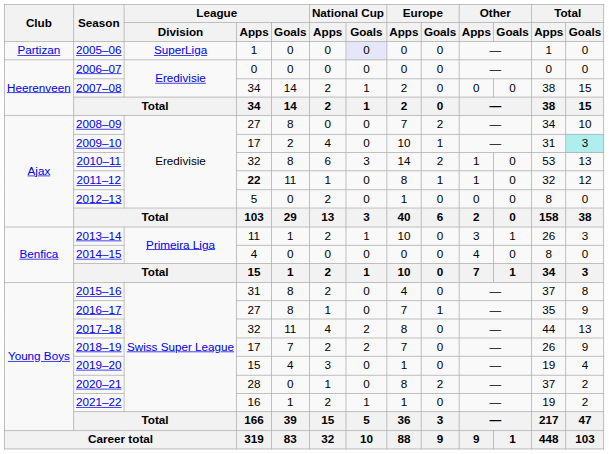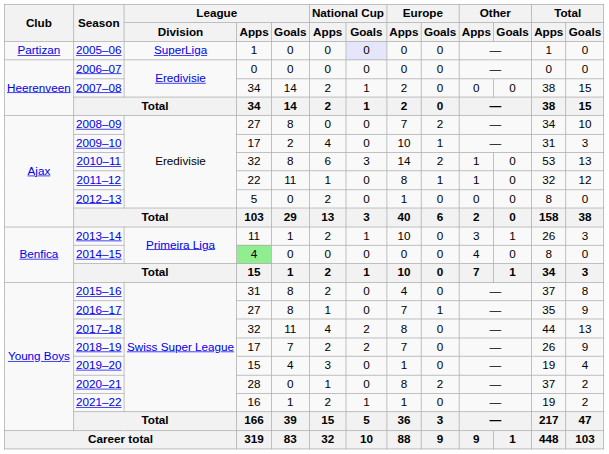 <table class="wikitable" style="text-align:center">
 <tr>
 <th rowspan="2">Club</th>
 <th rowspan="2">Season</th>
 <th colspan="3">League</th>
 <th colspan="2">National Cup</th>
 <th colspan="2">Europe</th>
 <th colspan="2">Other</th>
 <th colspan="2">Total</th>
 </tr>
 <tr>
 <th>Division</th>
 <th>Apps</th>
 <th>Goals</th>
 <th>Apps</th>
 <th>Goals</th>
 <th>Apps</th>
 <th>Goals</th>
 <th>Apps</th>
 <th>Goals</th>
 <th>Apps</th>
 <th>Goals</th>
 </tr>
 <tr>
 <td><a href='#'>Partizan</a></td>
 <td><a href='#'>2005–06</a></td>
 <td><a href='#'>SuperLiga</a></td>
 <td>1</td>
 <td>0</td>
 <td>0</td>
 <td style="background: lavender;">0</td>
 <td>0</td>
 <td>0</td>
 <td colspan="2">—</td>
 <td>1</td>
 <td>0</td>
 </tr>
 <tr>
 <td rowspan="3"><a href='#'>Heerenveen</a></td>
 <td><a href='#'>2006–07</a></td>
 <td rowspan="2"><a href='#'>Eredivisie</a></td>
 <td>0</td>
 <td>0</td>
 <td>0</td>
 <td>0</td>
 <td>0</td>
 <td>0</td>
 <td colspan="2">—</td>
 <td>0</td>
 <td>0</td>
 </tr>
 <tr>
 <td><a href='#'>2007–08</a></td>
 <td>34</td>
 <td>14</td>
 <td>2</td>
 <td>1</td>
 <td>2</td>
 <td>0</td>
 <td>0</td>
 <td>0</td>
 <td>38</td>
 <td>15</td>
 </tr>
 <tr>
 <th colspan="2">Total</th>
 <th>34</th>
 <th>14</th>
 <th>2</th>
 <th>1</th>
 <th>2</th>
 <th>0</th>
 <th colspan="2">—</th>
 <th>38</th>
 <th>15</th>
 </tr>
 <tr>
 <td rowspan="6"><a href='#'>Ajax</a></td>
 <td><a href='#'>2008–09</a></td>
 <td rowspan="5">Eredivisie</td>
 <td>27</td>
 <td>8</td>
 <td>0</td>
 <td>0</td>
 <td>7</td>
 <td>2</td>
 <td colspan="2">—</td>
 <td>34</td>
 <td>10</td>
 </tr>
 <tr>
 <td><a href='#'>2009–10</a></td>
 <td>17</td>
 <td>2</td>
 <td>4</td>
 <td>0</td>
 <td>10</td>
 <td>1</td>
 <td colspan="2">—</td>
 <td>31</td>
-<td style="background: paleturquoise;">3</td>
+<td>3</td>
 </tr>
 <tr>
 <td><a href='#'>2010–11</a></td>
 <td>32</td>
 <td>8</td>
 <td>6</td>
 <td>3</td>
 <td>14</td>
 <td>2</td>
 <td>1</td>
 <td>0</td>
 <td>53</td>
 <td>13</td>
 </tr>
 <tr>
 <td><a href='#'>2011–12</a></td>
-<td><strong>22</strong></td>
+<td>22</td>
 <td>11</td>
 <td>1</td>
 <td>0</td>
 <td>8</td>
 <td>1</td>
 <td>1</td>
 <td>0</td>
 <td>32</td>
 <td>12</td>
 </tr>
 <tr>
 <td><a href='#'>2012–13</a></td>
 <td>5</td>
 <td>0</td>
 <td>2</td>
 <td>0</td>
 <td>1</td>
 <td>0</td>
 <td>0</td>
 <td>0</td>
 <td>8</td>
 <td>0</td>
 </tr>
 <tr>
 <th colspan="2">Total</th>
 <th>103</th>
 <th>29</th>
 <th>13</th>
 <th>3</th>
 <th>40</th>
 <th>6</th>
 <th>2</th>
 <th>0</th>
 <th>158</th>
 <th>38</th>
 </tr>
 <tr>
 <td rowspan="3"><a href='#'>Benfica</a></td>
 <td><a href='#'>2013–14</a></td>
 <td rowspan="2"><a href='#'>Primeira Liga</a></td>
 <td>11</td>
 <td>1</td>
 <td>2</td>
 <td>1</td>
 <td>10</td>
 <td>0</td>
 <td>3</td>
 <td>1</td>
 <td>26</td>
 <td>3</td>
 </tr>
 <tr>
 <td><a href='#'>2014–15</a></td>
-<td>4</td>
+<td style="background: lightgreen;">4</td>
 <td>0</td>
 <td>0</td>
 <td>0</td>
 <td>0</td>
 <td>0</td>
 <td>4</td>
 <td>0</td>
 <td>8</td>
 <td>0</td>
 </tr>
 <tr>
 <th colspan="2">Total</th>
 <th>15</th>
 <th>1</th>
 <th>2</th>
 <th>1</th>
 <th>10</th>
 <th>0</th>
 <th>7</th>
 <th>1</th>
 <th>34</th>
 <th>3</th>
 </tr>
 <tr>
 <td rowspan="8"><a href='#'>Young Boys</a></td>
 <td><a href='#'>2015–16</a></td>
 <td rowspan="7"><a href='#'>Swiss Super League</a></td>
 <td>31</td>
 <td>8</td>
 <td>2</td>
 <td>0</td>
 <td>4</td>
 <td>0</td>
 <td colspan="2">—</td>
 <td>37</td>
 <td>8</td>
 </tr>
 <tr>
 <td><a href='#'>2016–17</a></td>
 <td>27</td>
 <td>8</td>
 <td>1</td>
 <td>0</td>
 <td>7</td>
 <td>1</td>
 <td colspan="2">—</td>
 <td>35</td>
 <td>9</td>
 </tr>
 <tr>
 <td><a href='#'>2017–18</a></td>
 <td>32</td>
 <td>11</td>
 <td>4</td>
 <td>2</td>
 <td>8</td>
 <td>0</td>
 <td colspan="2">—</td>
 <td>44</td>
 <td>13</td>
 </tr>
 <tr>
 <td><a href='#'>2018–19</a></td>
 <td>17</td>
 <td>7</td>
 <td>2</td>
 <td>2</td>
 <td>7</td>
 <td>0</td>
 <td colspan="2">—</td>
 <td>26</td>
 <td>9</td>
 </tr>
 <tr>
 <td><a href='#'>2019–20</a></td>
 <td>15</td>
 <td>4</td>
 <td>3</td>
 <td>0</td>
 <td>1</td>
 <td>0</td>
 <td colspan="2">—</td>
 <td>19</td>
 <td>4</td>
 </tr>
 <tr>
 <td><a href='#'>2020–21</a></td>
 <td>28</td>
 <td>0</td>
 <td>1</td>
 <td>0</td>
 <td>8</td>
 <td>2</td>
 <td colspan="2">—</td>
 <td>37</td>
 <td>2</td>
 </tr>
 <tr>
 <td><a href='#'>2021–22</a></td>
 <td>16</td>
 <td>1</td>
 <td>2</td>
 <td>1</td>
 <td>1</td>
 <td>0</td>
 <td colspan="2">—</td>
 <td>19</td>
 <td>2</td>
 </tr>
 <tr>
 <th colspan="2">Total</th>
 <th>166</th>
 <th>39</th>
 <th>15</th>
 <th>5</th>
 <th>36</th>
 <th>3</th>
 <th colspan="2">—</th>
 <th>217</th>
 <th>47</th>
 </tr>
 <tr>
 <th colspan="3">Career total</th>
 <th>319</th>
 <th>83</th>
 <th>32</th>
 <th>10</th>
 <th>88</th>
 <th>9</th>
 <th>9</th>
 <th>1</th>
 <th>448</th>
 <th>103</th>
 </tr>
 </table>
